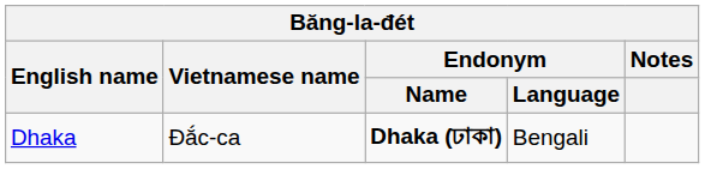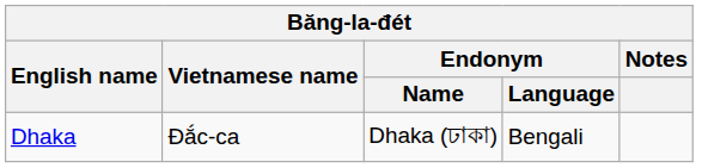 <table class="wikitable sortable">
 <tr>
 <th colspan="5"> Băng-la-đét</th>
 </tr>
 <tr>
 <th rowspan="2">English name</th>
 <th rowspan="2">Vietnamese name</th>
 <th colspan="2">Endonym</th>
 <th>Notes</th>
 </tr>
 <tr>
 <th>Name</th>
 <th>Language</th>
 <th></th>
 </tr>
 <tr>
 <td><a href='#'>Dhaka</a></td>
 <td>Đắc-ca</td>
-<td><strong>Dhaka (ঢাকা)</strong></td>
+<td>Dhaka (ঢাকা)</td>
 <td>Bengali</td>
 <td></td>
 </tr>
 </table>
